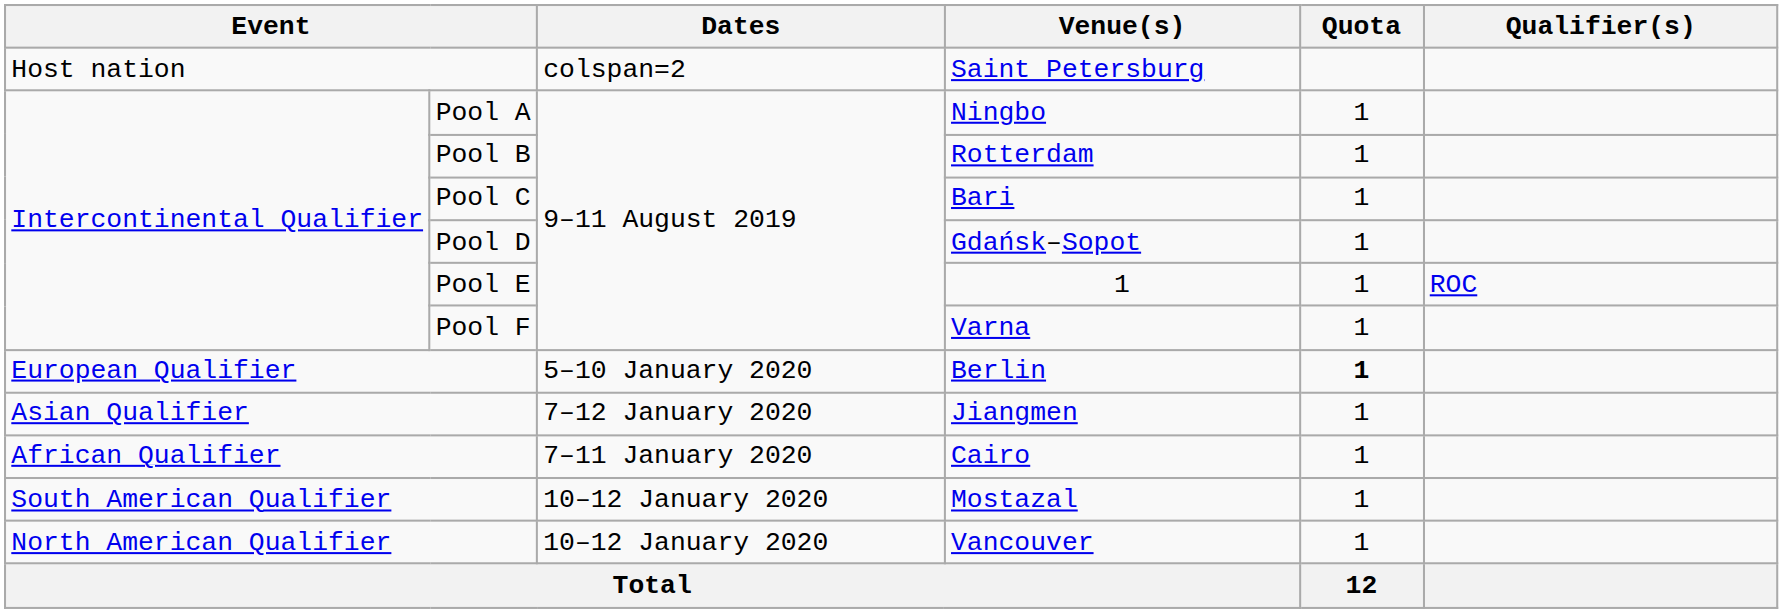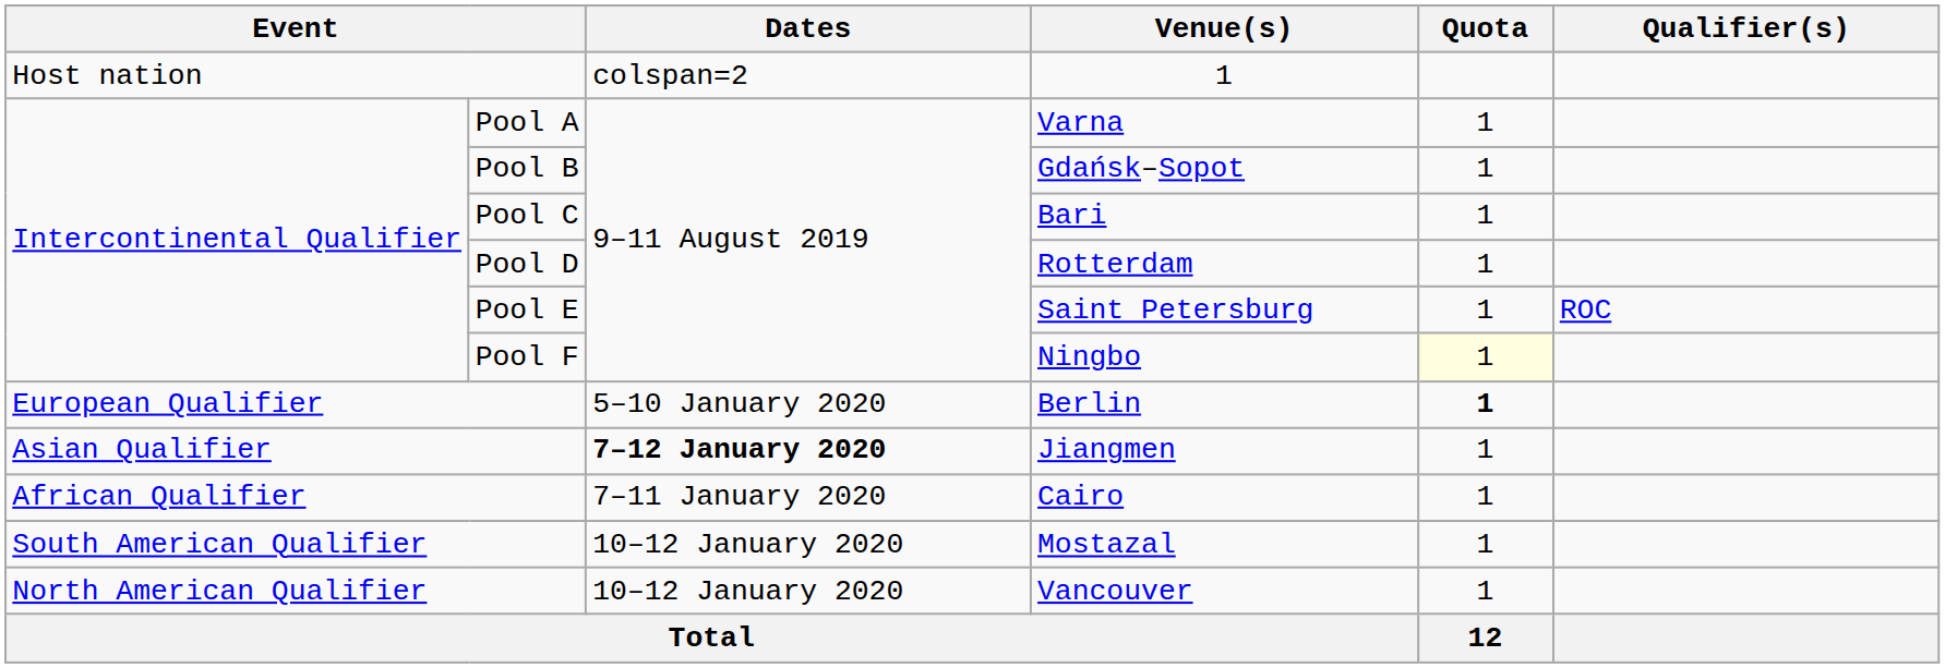 <table class="wikitable" style="white-space: nowrap;">
 <tr>
 <th colspan="2" style="width:30%">Event</th>
 <th style-"width:23%">Dates</th>
 <th style="width:20%">Venue(s)</th>
 <th style="width:7%">Quota</th>
 <th style="width:20%">Qualifier(s)</th>
 </tr>
 <tr>
 <td colspan="2">Host nation</td>
 <td>colspan=2 </td>
-<td> <a href='#'>Saint Petersburg</a></td>
+<td style="text-align: center;">1</td>
 <td></td>
 </tr>
 <tr>
 <td rowspan="6"><a href='#'>Intercontinental Qualifier</a></td>
 <td>Pool A</td>
 <td rowspan="6">9–11 August 2019</td>
-<td> <a href='#'>Ningbo</a></td>
+<td> <a href='#'>Varna</a></td>
 <td style="text-align: center">1</td>
 <td></td>
 </tr>
 <tr>
 <td>Pool B</td>
-<td> <a href='#'>Rotterdam</a></td>
+<td> <a href='#'>Gdańsk</a>–<a href='#'>Sopot</a></td>
 <td style="text-align: center">1</td>
 <td></td>
 </tr>
 <tr>
 <td>Pool C</td>
 <td> <a href='#'>Bari</a></td>
 <td style="text-align: center">1</td>
 <td></td>
 </tr>
 <tr>
 <td>Pool D</td>
-<td> <a href='#'>Gdańsk</a>–<a href='#'>Sopot</a></td>
+<td> <a href='#'>Rotterdam</a></td>
 <td style="text-align: center">1</td>
 <td></td>
 </tr>
 <tr>
 <td>Pool E</td>
-<td style="text-align: center;">1</td>
+<td> <a href='#'>Saint Petersburg</a></td>
 <td style="text-align: center">1</td>
 <td> <a href='#'>ROC</a></td>
 </tr>
 <tr>
 <td>Pool F</td>
-<td> <a href='#'>Varna</a></td>
-<td style="text-align: center">1</td>
+<td> <a href='#'>Ningbo</a></td>
+<td style="background: lightyellow; text-align: center">1</td>
 <td></td>
 </tr>
 <tr>
 <td colspan="2"><a href='#'>European Qualifier</a></td>
 <td>5–10 January 2020</td>
 <td> <a href='#'>Berlin</a></td>
 <td style="text-align: center"><strong>1</strong></td>
 <td></td>
 </tr>
 <tr>
 <td colspan="2"><a href='#'>Asian Qualifier</a></td>
-<td>7–12 January 2020</td>
+<td><strong>7–12 January 2020</strong></td>
 <td> <a href='#'>Jiangmen</a></td>
 <td style="text-align: center">1</td>
 <td></td>
 </tr>
 <tr>
 <td colspan="2"><a href='#'>African Qualifier</a></td>
 <td>7–11 January 2020</td>
 <td> <a href='#'>Cairo</a></td>
 <td style="text-align: center">1</td>
 <td></td>
 </tr>
 <tr>
 <td colspan="2"><a href='#'>South American Qualifier</a></td>
 <td>10–12 January 2020</td>
 <td> <a href='#'>Mostazal</a></td>
 <td style="text-align: center">1</td>
 <td></td>
 </tr>
 <tr>
 <td colspan="2"><a href='#'>North American Qualifier</a></td>
 <td>10–12 January 2020</td>
 <td> <a href='#'>Vancouver</a></td>
 <td style="text-align: center">1</td>
 <td></td>
 </tr>
 <tr>
 <th colspan="4">Total</th>
 <th>12</th>
 <th></th>
 </tr>
 </table>
